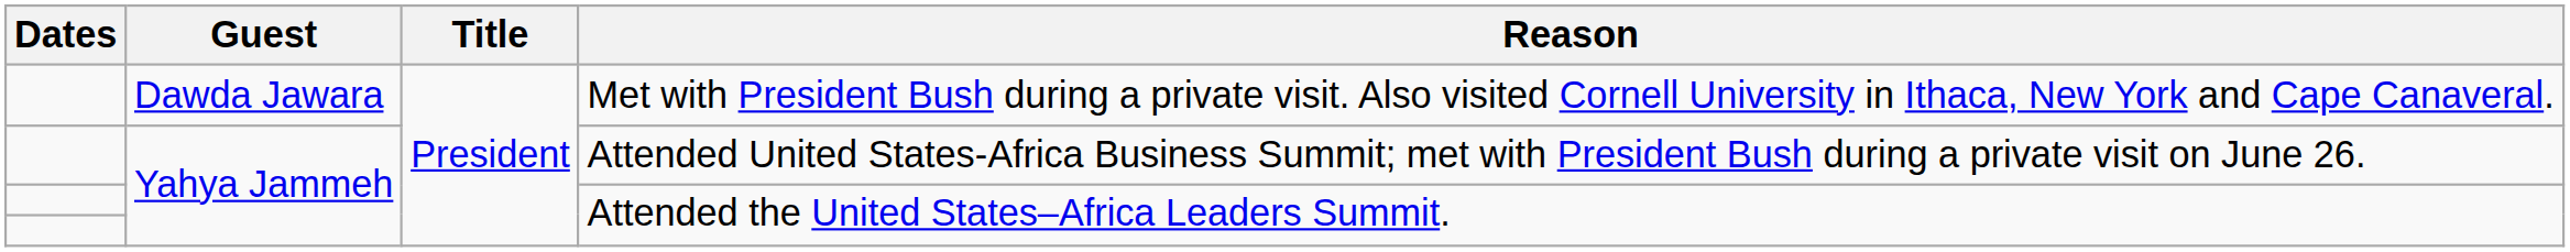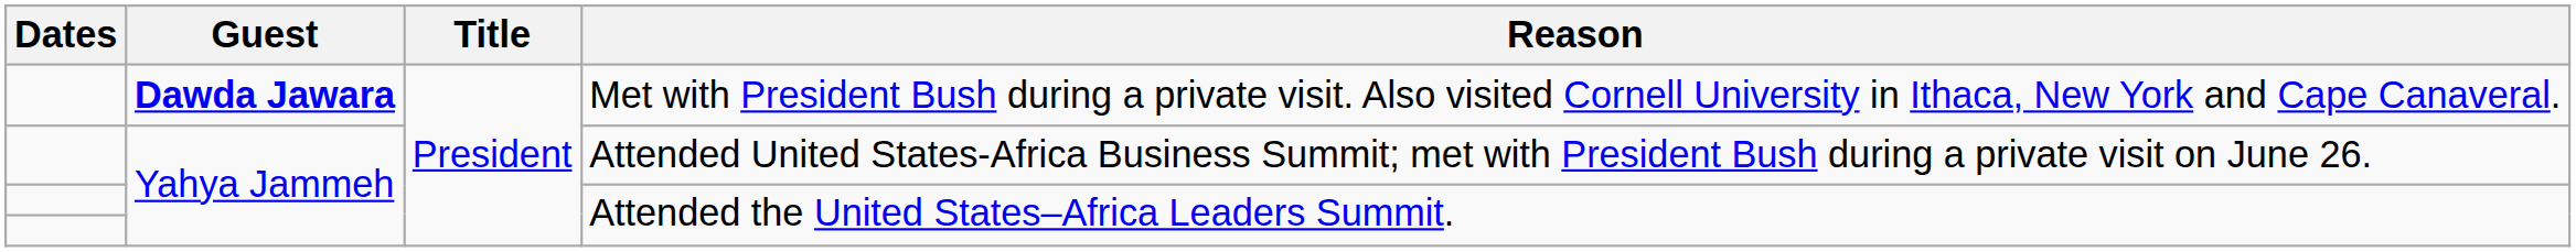 <table class="wikitable sortable">
 <tr>
 <th>Dates</th>
 <th>Guest</th>
 <th>Title</th>
 <th>Reason</th>
 </tr>
 <tr>
 <td></td>
-<td><a href='#'>Dawda Jawara</a></td>
+<td><strong><a href='#'>Dawda Jawara</a></strong></td>
 <td rowspan=4><a href='#'>President</a></td>
 <td>Met with <a href='#'>President Bush</a> during a private visit. Also visited <a href='#'>Cornell University</a> in <a href='#'>Ithaca, New York</a> and <a href='#'>Cape Canaveral</a>.</td>
 </tr>
 <tr>
 <td></td>
 <td rowspan=3><a href='#'>Yahya Jammeh</a></td>
 <td>Attended United States-Africa Business Summit; met with <a href='#'>President Bush</a> during a private visit on June 26.</td>
 </tr>
 <tr>
 <td></td>
 <td rowspan=2>Attended the <a href='#'>United States–Africa Leaders Summit</a>.</td>
 </tr>
 <tr>
 <td></td>
 </tr>
 </table>
